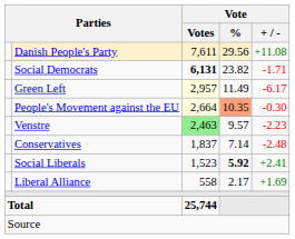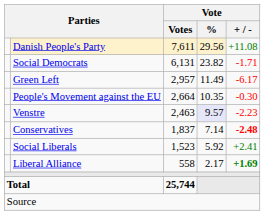 <table class="wikitable" style="text-align:right;">
 <tr>
 <th style="text-align:centre;" rowspan="2" colspan="2" width="225">Parties</th>
 <th colspan="3">Vote</th>
 </tr>
 <tr>
 <th width="15">Votes</th>
 <th width="15">%</th>
 <th width="15">+ / -</th>
 </tr>
 <tr>
 <td width="2" style="color:inherit;background:"></td>
 <td bgcolor=#fef2cc   align="left"><a href='#'>Danish People's Party</a></td>
 <td bgcolor=#fef2cc>7,611</td>
 <td bgcolor=#fef2cc>29.56</td>
 <td style=color:green;>+11.08</td>
 </tr>
 <tr>
 <td width="2" style="color:inherit;background:"></td>
 <td align="left"><a href='#'>Social Democrats</a></td>
-<td><strong>6,131</strong></td>
+<td>6,131</td>
 <td>23.82</td>
 <td style=color:red;>-1.71</td>
 </tr>
 <tr>
 <td width="2" style="color:inherit;background:"></td>
 <td align="left"><a href='#'>Green Left</a></td>
-<td style="background: lightyellow;">2,957</td>
+<td>2,957</td>
 <td>11.49</td>
 <td style=color:red;>-6.17</td>
 </tr>
 <tr>
 <td width="2" style="color:inherit;background:"></td>
 <td align="left"><a href='#'>People's Movement against the EU</a></td>
-<td style="background: lightyellow;">2,664</td>
-<td style="background: lightsalmon;">10.35</td>
+<td>2,664</td>
+<td>10.35</td>
 <td style=color:red;>-0.30</td>
 </tr>
 <tr>
 <td width="2" style="color:inherit;background:"></td>
 <td align="left"><a href='#'>Venstre</a></td>
-<td style="background: lightgreen;">2,463</td>
-<td>9.57</td>
+<td>2,463</td>
+<td style="background: lavender;">9.57</td>
 <td style=color:red;>-2.23</td>
 </tr>
 <tr>
 <td width="2" style="color:inherit;background:"></td>
 <td align="left"><a href='#'>Conservatives</a></td>
 <td>1,837</td>
 <td>7.14</td>
-<td style=color:red;>-2.48</td>
+<td style=color:red;><strong>-2.48</strong></td>
 </tr>
 <tr>
 <td width="2" style="color:inherit;background:"></td>
 <td align="left"><a href='#'>Social Liberals</a></td>
 <td>1,523</td>
-<td><strong>5.92</strong></td>
+<td>5.92</td>
 <td style=color:green;>+2.41</td>
 </tr>
 <tr>
 <td width="2" style="color:inherit;background:"></td>
 <td align="left"><a href='#'>Liberal Alliance</a></td>
 <td>558</td>
 <td>2.17</td>
-<td style=color:green;>+1.69</td>
+<td style=color:green;><strong>+1.69</strong></td>
 </tr>
 <tr>
 <td colspan="7" bgcolor="#E9E9E9"></td>
 </tr>
 <tr>
 <td align="left" colspan="2"><strong>Total</strong></td>
 <td><strong>25,744</strong></td>
 <td bgcolor="#E9E9E9" colspan="2"></td>
 </tr>
 <tr>
 <td align="left" colspan="6">Source</td>
 </tr>
 </table>
